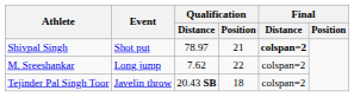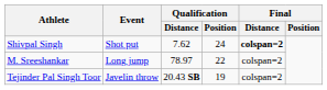 <table class=wikitable style="font-size:90%">
 <tr>
 <th rowspan="2">Athlete</th>
 <th rowspan="2">Event</th>
 <th colspan="2">Qualification</th>
 <th colspan="2">Final</th>
 </tr>
 <tr style="font-size:95%">
 <th>Distance</th>
 <th>Position</th>
 <th>Distance</th>
 <th>Position</th>
 </tr>
 <tr style=text-align:center>
 <td style=text-align:left><a href='#'>Shivpal Singh</a></td>
 <td style=text-align:left><a href='#'>Shot put</a></td>
-<td>78.97</td>
-<td>21</td>
+<td>7.62</td>
+<td>24</td>
 <td><strong>colspan=2 </strong></td>
 </tr>
 <tr style=text-align:center>
 <td style=text-align:left><a href='#'>M. Sreeshankar</a></td>
 <td style=text-align:left><a href='#'>Long jump</a></td>
-<td>7.62</td>
+<td>78.97</td>
 <td>22</td>
 <td>colspan=2 </td>
 </tr>
 <tr style=text-align:center>
 <td style=text-align:left><a href='#'>Tejinder Pal Singh Toor</a></td>
 <td style=text-align:left><a href='#'>Javelin throw</a></td>
 <td>20.43 <strong>SB</strong></td>
-<td>18</td>
+<td>19</td>
 <td>colspan=2 </td>
 </tr>
 </table>
